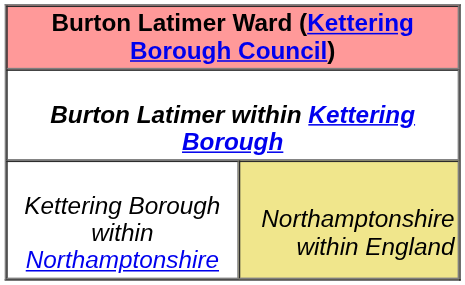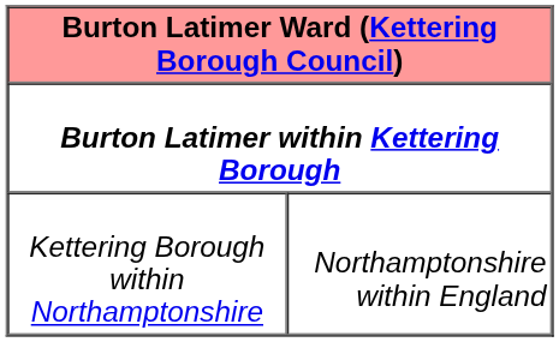 <table border=1 cellpadding="2" cellspacing="0" align="right" width=300>
 <tr>
 <th colspan=2 align=center bgcolor="#ff9999">Burton Latimer Ward (<a href='#'>Kettering Borough Council</a>)</th>
 </tr>
 <tr>
 <th colspan=2 alignn=center><br><em>Burton Latimer within <a href='#'>Kettering Borough</a></em></th>
 </tr>
 <tr>
 <td align=center><br><em>Kettering Borough within <a href='#'>Northamptonshire</a></em></td>
-<td align=right style="background: khaki;"><br><em>Northamptonshire within England</em></td>
+<td align=right><br><em>Northamptonshire within England</em></td>
 </tr>
 </table>
